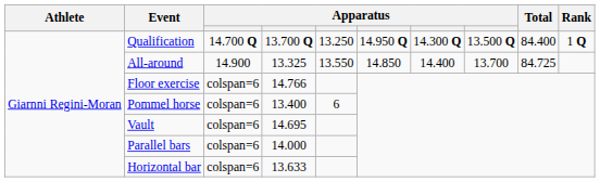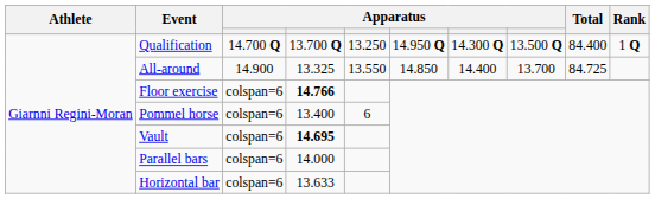 <table class="wikitable" style="font-size:90%">
 <tr>
 <th rowspan=2>Athlete</th>
 <th rowspan=2>Event</th>
 <th colspan =6>Apparatus</th>
 <th rowspan=2>Total</th>
 <th rowspan=2>Rank</th>
 </tr>
 <tr style="font-size:95%">
 <th></th>
 <th></th>
 <th></th>
 <th></th>
 <th></th>
 <th></th>
 </tr>
 <tr align=center>
 <td align=left rowspan=8><a href='#'>Giarnni Regini-Moran</a></td>
 <td align=left><a href='#'>Qualification</a></td>
 <td>14.700 <strong>Q</strong></td>
 <td>13.700 <strong>Q</strong></td>
 <td>13.250</td>
 <td>14.950 <strong>Q</strong></td>
 <td>14.300 <strong>Q</strong></td>
 <td>13.500 <strong>Q</strong></td>
 <td>84.400</td>
 <td>1 <strong>Q</strong></td>
 </tr>
 <tr align=center>
 <td align=left><a href='#'>All-around</a></td>
 <td>14.900</td>
 <td>13.325</td>
 <td>13.550</td>
 <td>14.850</td>
 <td>14.400</td>
 <td>13.700</td>
 <td>84.725</td>
 <td></td>
 </tr>
 <tr align=center>
 <td align=left><a href='#'>Floor exercise</a></td>
 <td>colspan=6 </td>
-<td>14.766</td>
+<td><strong>14.766</strong></td>
 <td></td>
 </tr>
 <tr align=center>
 <td align=left><a href='#'>Pommel horse</a></td>
 <td>colspan=6 </td>
 <td>13.400</td>
 <td>6</td>
 </tr>
 <tr align=center>
 <td align=left><a href='#'>Vault</a></td>
 <td>colspan=6 </td>
-<td>14.695</td>
+<td><strong>14.695</strong></td>
 <td></td>
 </tr>
 <tr align=center>
 <td align=left><a href='#'>Parallel bars</a></td>
 <td>colspan=6 </td>
 <td>14.000</td>
 <td></td>
 </tr>
 <tr align=center>
 <td align=left><a href='#'>Horizontal bar</a></td>
 <td>colspan=6 </td>
 <td>13.633</td>
 <td></td>
 </tr>
 </table>
